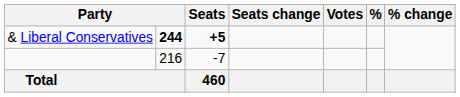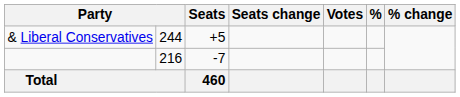 <table class="wikitable sortable">
 <tr>
 <th colspan=2>Party</th>
 <th>Seats</th>
 <th>Seats change</th>
 <th>Votes</th>
 <th>%</th>
 <th>% change</th>
 </tr>
 <tr>
 <td> & <a href='#'>Liberal Conservatives</a></td>
-<td align=right><strong>244</strong></td>
-<td align=right><strong>+5</strong></td>
+<td align=right>244</td>
+<td align=right>+5</td>
 <td align=right></td>
 <td align=right></td>
 <td align=right></td>
 </tr>
 <tr>
 <td></td>
 <td align=right>216</td>
 <td align=right>-7</td>
 <td align=right></td>
 <td align=right></td>
 <td align=right></td>
 </tr>
 <tr class="sortbottom" style="font-weight: bold; text-align: right; background: #f2f2f2;">
 <th colspan="2" style="padding-left: 1.5em; text-align: left;">Total</th>
 <td align=right>460</td>
 <td align=right></td>
 <td align=right></td>
 <td align=right></td>
 <td align=right></td>
 </tr>
 </table>
